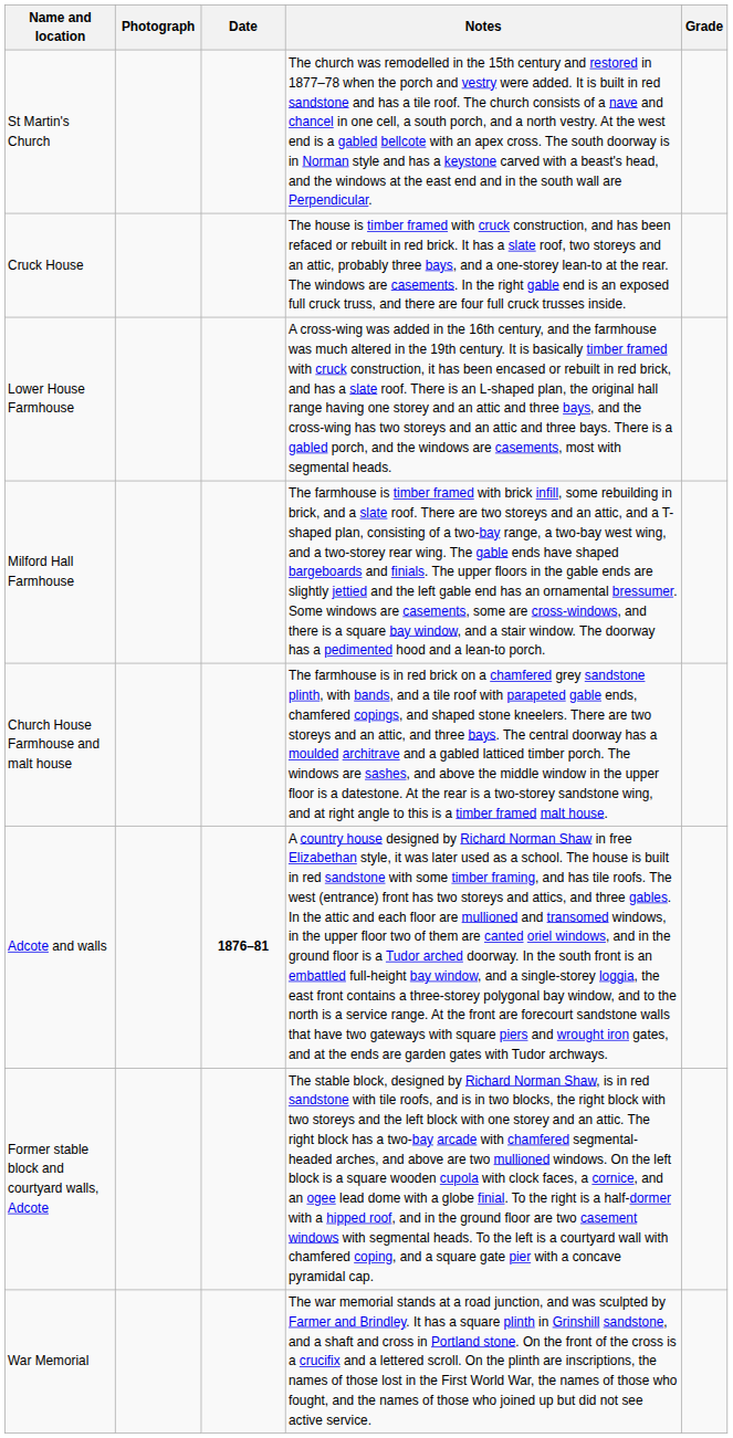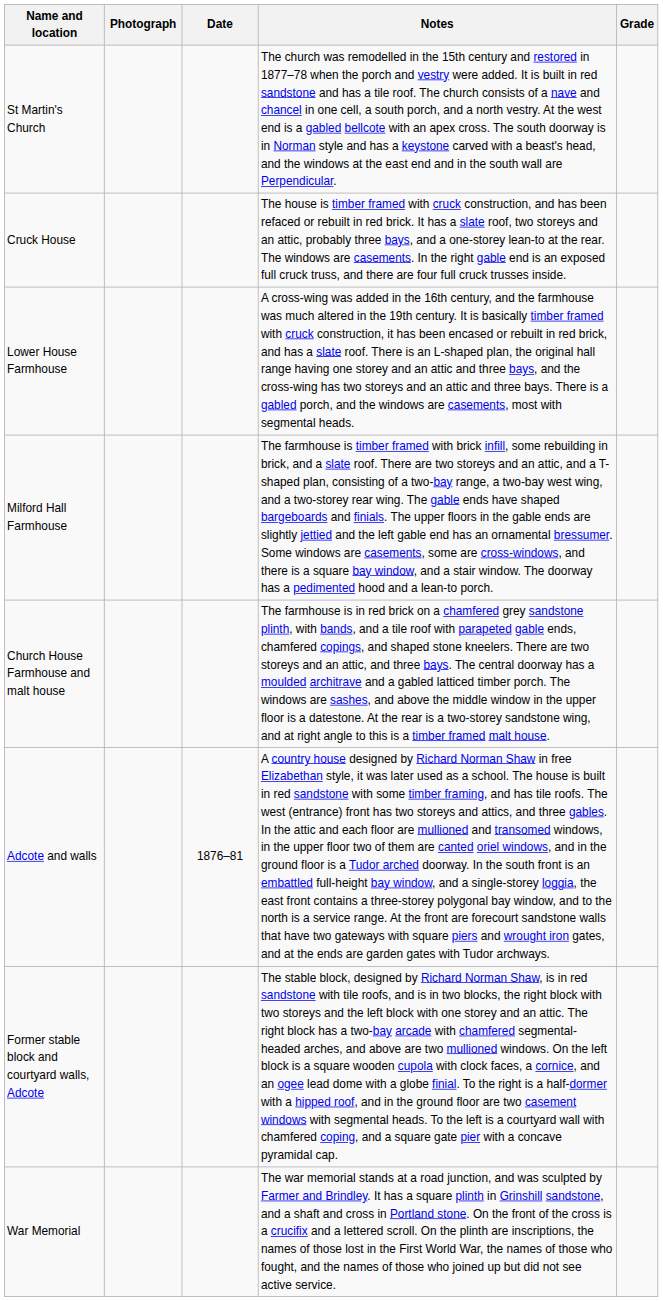 <table class="wikitable sortable plainrowheaders" style="width:100%; border:0; text-align:left; line-height:150%;">
 <tr>
 <th scope="col"  style="width:150px">Name and location</th>
 <th scope="col"  style="width:100px" class="unsortable">Photograph</th>
 <th scope="col"  style="width:120px">Date</th>
 <th scope="col"  style="width:650px" class="unsortable">Notes</th>
 <th scope="col"  style="width:50px">Grade</th>
 </tr>
 <tr>
 <td>St Martin's Church<br><small></small></td>
 <td></td>
 <td align="center"></td>
 <td>The church was remodelled in the 15th century and <a href='#'>restored</a> in 1877–78 when the porch and <a href='#'>vestry</a> were added.  It is built in red <a href='#'>sandstone</a> and has a tile roof.  The church consists of a <a href='#'>nave</a> and <a href='#'>chancel</a> in one cell, a south porch, and a north vestry.  At the west end is a <a href='#'>gabled</a> <a href='#'>bellcote</a> with an apex cross.  The south doorway is in <a href='#'>Norman</a> style and has a <a href='#'>keystone</a> carved with a beast's head, and the windows at the east end and in the south wall are <a href='#'>Perpendicular</a>.</td>
 <td align="center" ></td>
 </tr>
 <tr>
 <td>Cruck House<br><small></small></td>
 <td></td>
 <td align="center"></td>
 <td>The house is <a href='#'>timber framed</a> with <a href='#'>cruck</a> construction, and has been refaced or rebuilt in red brick.  It has a <a href='#'>slate</a> roof, two storeys and an attic, probably three <a href='#'>bays</a>, and a one-storey lean-to at the rear.  The windows are <a href='#'>casements</a>.  In the right <a href='#'>gable</a> end is an exposed full cruck truss, and there are four full cruck trusses inside.</td>
 <td align="center" ></td>
 </tr>
 <tr>
 <td>Lower House Farmhouse<br><small></small></td>
 <td></td>
 <td align="center"></td>
 <td>A cross-wing was added in the 16th century, and the farmhouse was much altered in the 19th century.  It is basically <a href='#'>timber framed</a> with <a href='#'>cruck</a> construction, it has been encased or rebuilt in red brick, and has a <a href='#'>slate</a> roof.  There is an L-shaped plan, the original hall range having one storey and an attic and three <a href='#'>bays</a>, and the cross-wing has two storeys and an attic and three bays.  There is a <a href='#'>gabled</a> porch, and the windows are <a href='#'>casements</a>, most with segmental heads.</td>
 <td align="center" ></td>
 </tr>
 <tr>
 <td>Milford Hall Farmhouse<br><small></small></td>
 <td></td>
 <td align="center"></td>
 <td>The farmhouse is <a href='#'>timber framed</a> with brick <a href='#'>infill</a>, some rebuilding in brick, and a <a href='#'>slate</a> roof.  There are two storeys and an attic, and a T-shaped plan, consisting of a two-<a href='#'>bay</a> range, a two-bay west wing, and a two-storey rear wing.  The <a href='#'>gable</a> ends have shaped <a href='#'>bargeboards</a> and <a href='#'>finials</a>.  The upper floors in the gable ends are slightly <a href='#'>jettied</a> and the left gable end has an ornamental <a href='#'>bressumer</a>.  Some windows are <a href='#'>casements</a>, some are <a href='#'>cross-windows</a>, and there is a square <a href='#'>bay window</a>, and a stair window.  The doorway has a <a href='#'>pedimented</a> hood and a lean-to porch.</td>
 <td align="center" ></td>
 </tr>
 <tr>
 <td>Church House Farmhouse and<br>malt house<br><small></small></td>
 <td></td>
 <td align="center"></td>
 <td>The farmhouse is in red brick on a <a href='#'>chamfered</a> grey <a href='#'>sandstone</a> <a href='#'>plinth</a>, with <a href='#'>bands</a>, and a tile roof with <a href='#'>parapeted</a> <a href='#'>gable</a> ends, chamfered <a href='#'>copings</a>, and shaped stone kneelers.  There are two storeys and an attic, and three <a href='#'>bays</a>. The central doorway has a <a href='#'>moulded</a> <a href='#'>architrave</a> and a gabled latticed timber porch.  The windows are <a href='#'>sashes</a>, and above the middle window in the upper floor is a datestone.  At the rear is a two-storey sandstone wing, and at right angle to this is a <a href='#'>timber framed</a> <a href='#'>malt house</a>.</td>
 <td align="center" ></td>
 </tr>
 <tr>
 <td><a href='#'>Adcote</a> and walls<br><small></small></td>
 <td></td>
-<td align="center"><strong>1876–81</strong></td>
+<td align="center">1876–81</td>
 <td>A <a href='#'>country house</a> designed by <a href='#'>Richard Norman Shaw</a> in free <a href='#'>Elizabethan</a> style, it was later used as a school.  The house is built in red <a href='#'>sandstone</a> with some <a href='#'>timber framing</a>, and has tile roofs.  The west (entrance) front has two storeys and attics, and three <a href='#'>gables</a>.  In the attic and each floor are <a href='#'>mullioned</a> and <a href='#'>transomed</a> windows, in the upper floor two of them are <a href='#'>canted</a> <a href='#'>oriel windows</a>, and in the ground floor is a <a href='#'>Tudor arched</a> doorway.  In the south front is an <a href='#'>embattled</a> full-height <a href='#'>bay window</a>, and a single-storey <a href='#'>loggia</a>, the east front contains a three-storey polygonal bay window, and to the north is a service range.  At the front are forecourt sandstone walls that have two gateways with square <a href='#'>piers</a> and <a href='#'>wrought iron</a> gates, and at the ends are garden gates with Tudor archways.</td>
 <td align="center" ></td>
 </tr>
 <tr>
 <td>Former stable block and courtyard walls, <a href='#'>Adcote</a><br><small></small></td>
 <td></td>
 <td align="center"></td>
 <td>The stable block, designed by <a href='#'>Richard Norman Shaw</a>, is in red <a href='#'>sandstone</a> with tile roofs, and is in two blocks, the right block with two storeys and the left block with one storey and an attic.  The right block has a two-<a href='#'>bay</a> <a href='#'>arcade</a> with <a href='#'>chamfered</a> segmental-headed arches, and above are two <a href='#'>mullioned</a> windows.  On the left block is a square wooden <a href='#'>cupola</a> with clock faces, a <a href='#'>cornice</a>, and an <a href='#'>ogee</a> lead dome with a globe <a href='#'>finial</a>.  To the right is a half-<a href='#'>dormer</a> with a <a href='#'>hipped roof</a>, and in the ground floor are two <a href='#'>casement windows</a> with segmental heads.  To the left is a courtyard wall with chamfered <a href='#'>coping</a>, and a square gate <a href='#'>pier</a> with a concave pyramidal cap.</td>
 <td align="center" ></td>
 </tr>
 <tr>
 <td>War Memorial<br><small></small></td>
 <td></td>
 <td align="center"></td>
 <td>The war memorial stands at a road junction, and was sculpted by <a href='#'>Farmer and Brindley</a>.  It has a square <a href='#'>plinth</a> in <a href='#'>Grinshill</a> <a href='#'>sandstone</a>, and a shaft and cross in <a href='#'>Portland stone</a>.  On the front of the cross is a <a href='#'>crucifix</a> and a lettered scroll.  On the plinth are inscriptions, the names of those lost in the First World War, the names of those who fought, and the names of those who joined up but did not see active service.</td>
 <td align="center" ></td>
 </tr>
 <tr>
 </tr>
 </table>
